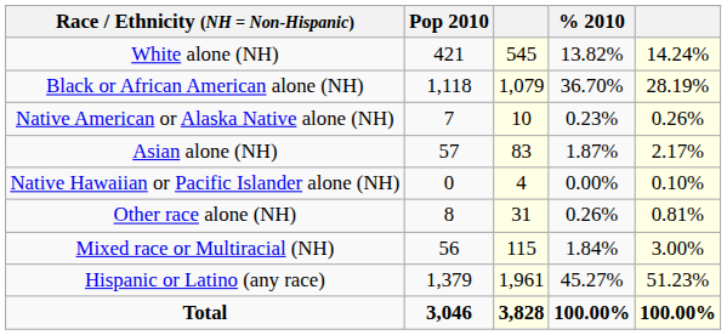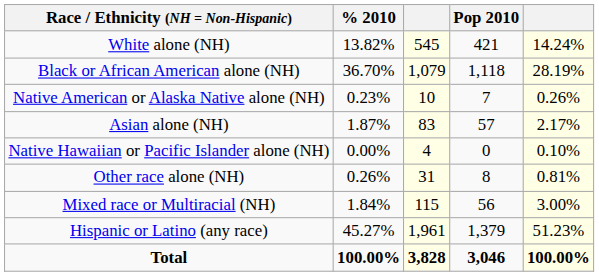 <table class="wikitable" style="text-align:center;">
 <tr>
 <th>Race / Ethnicity <small>(<em>NH = Non-Hispanic</em>)</small></th>
+<th>% 2010</th>
+<th></th>
 <th>Pop 2010</th>
-<th></th>
-<th>% 2010</th>
 <th></th>
 </tr>
 <tr>
 <td><a href='#'>White</a> alone (NH)</td>
+<td>13.82%</td>
+<td style='background: #ffffe6;'>545</td>
 <td>421</td>
-<td style='background: #ffffe6;'>545</td>
-<td>13.82%</td>
 <td style='background: #ffffe6;'>14.24%</td>
 </tr>
 <tr>
 <td><a href='#'>Black or African American</a> alone (NH)</td>
+<td>36.70%</td>
+<td style='background: #ffffe6;'>1,079</td>
 <td>1,118</td>
-<td style='background: #ffffe6;'>1,079</td>
-<td>36.70%</td>
 <td style='background: #ffffe6;'>28.19%</td>
 </tr>
 <tr>
 <td><a href='#'>Native American</a> or <a href='#'>Alaska Native</a> alone (NH)</td>
+<td>0.23%</td>
+<td style='background: #ffffe6;'>10</td>
 <td>7</td>
-<td style='background: #ffffe6;'>10</td>
-<td>0.23%</td>
 <td style='background: #ffffe6;'>0.26%</td>
 </tr>
 <tr>
 <td><a href='#'>Asian</a> alone (NH)</td>
+<td>1.87%</td>
+<td style='background: #ffffe6;'>83</td>
 <td>57</td>
-<td style='background: #ffffe6;'>83</td>
-<td>1.87%</td>
 <td style='background: #ffffe6;'>2.17%</td>
 </tr>
 <tr>
 <td><a href='#'>Native Hawaiian</a> or <a href='#'>Pacific Islander</a> alone (NH)</td>
+<td>0.00%</td>
+<td style='background: #ffffe6;'>4</td>
 <td>0</td>
-<td style='background: #ffffe6;'>4</td>
-<td>0.00%</td>
 <td style='background: #ffffe6;'>0.10%</td>
 </tr>
 <tr>
 <td><a href='#'>Other race</a> alone (NH)</td>
+<td>0.26%</td>
+<td style='background: #ffffe6;'>31</td>
 <td>8</td>
-<td style='background: #ffffe6;'>31</td>
-<td>0.26%</td>
 <td style='background: #ffffe6;'>0.81%</td>
 </tr>
 <tr>
 <td><a href='#'>Mixed race or Multiracial</a> (NH)</td>
+<td>1.84%</td>
+<td style='background: #ffffe6;'>115</td>
 <td>56</td>
-<td style='background: #ffffe6;'>115</td>
-<td>1.84%</td>
 <td style='background: #ffffe6;'>3.00%</td>
 </tr>
 <tr>
 <td><a href='#'>Hispanic or Latino</a> (any race)</td>
+<td>45.27%</td>
+<td style='background: #ffffe6;'>1,961</td>
 <td>1,379</td>
-<td style='background: #ffffe6;'>1,961</td>
-<td>45.27%</td>
 <td style='background: #ffffe6;'>51.23%</td>
 </tr>
 <tr>
 <td><strong>Total</strong></td>
+<td><strong>100.00%</strong></td>
+<td style='background: #ffffe6;'><strong>3,828</strong></td>
 <td><strong>3,046</strong></td>
-<td style='background: #ffffe6;'><strong>3,828</strong></td>
-<td><strong>100.00%</strong></td>
 <td style='background: #ffffe6;'><strong>100.00%</strong></td>
 </tr>
 </table>
